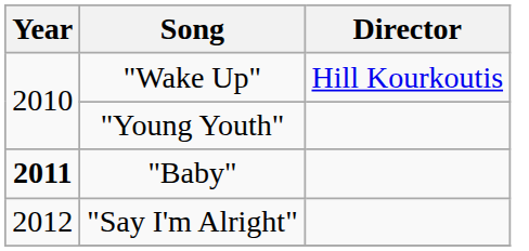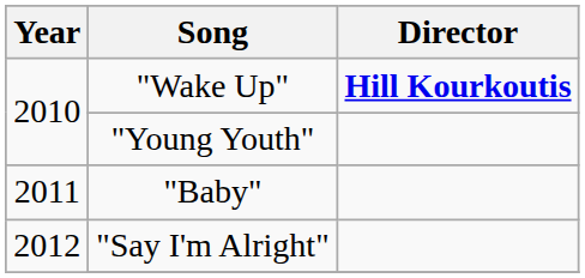 <table class="wikitable" style="text-align:center;">
 <tr>
 <th>Year</th>
 <th>Song</th>
 <th>Director</th>
 </tr>
 <tr>
 <td rowspan=2>2010</td>
 <td>"Wake Up"</td>
-<td><a href='#'>Hill Kourkoutis</a></td>
+<td><strong><a href='#'>Hill Kourkoutis</a></strong></td>
 </tr>
 <tr>
 <td>"Young Youth"</td>
 <td></td>
 </tr>
 <tr>
-<td><strong>2011</strong></td>
+<td>2011</td>
 <td>"Baby"</td>
 <td></td>
 </tr>
 <tr>
 <td rowspan=2>2012</td>
 <td>"Say I'm Alright"</td>
 <td></td>
 </tr>
 <tr>
 </tr>
 </table>
